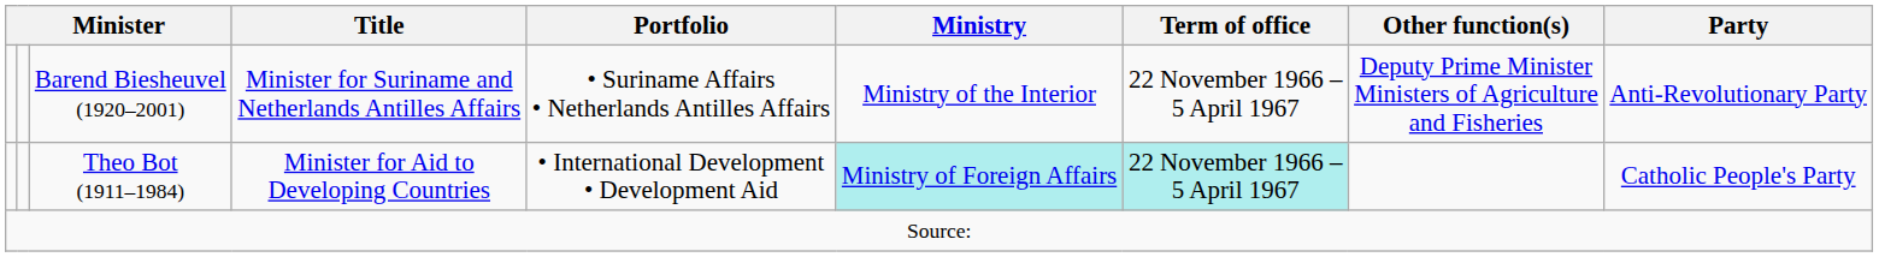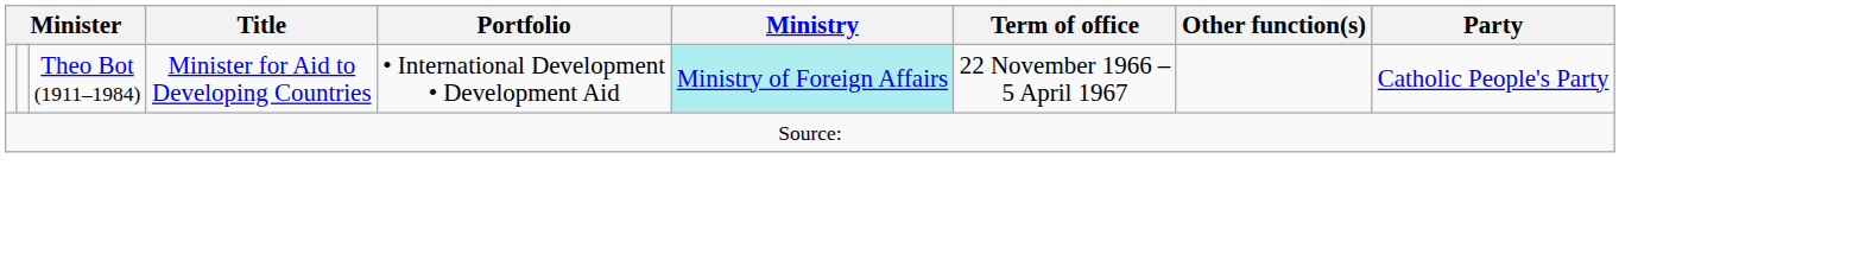 <table class="wikitable" style="text-align:center">
 <tr>
 <th colspan=3>Minister</th>
 <th>Title</th>
 <th>Portfolio</th>
 <th><a href='#'>Ministry</a></th>
 <th>Term of office</th>
 <th>Other function(s)</th>
 <th>Party</th>
 </tr>
 <tr>
 <td style="background:"></td>
 <td></td>
-<td><a href='#'>Barend Biesheuvel</a> <br> <small>(1920–2001)</small></td>
-<td><a href='#'>Minister for Suriname and <br> Netherlands Antilles Affairs</a></td>
-<td>• Suriname Affairs <br> • Netherlands Antilles Affairs</td>
-<td><a href='#'>Ministry of the Interior</a></td>
-<td>22 November 1966 – <br> 5 April 1967</td>
-<td><a href='#'>Deputy Prime Minister</a> <br> <a href='#'>Ministers of Agriculture <br> and Fisheries</a></td>
-<td><a href='#'>Anti-Revolutionary Party</a></td>
-</tr>
-<tr>
-<td style="background:"></td>
-<td></td>
 <td><a href='#'>Theo Bot</a> <br> <small>(1911–1984)</small></td>
 <td><a href='#'>Minister for Aid to <br> Developing Countries</a></td>
 <td>• International Development <br> • Development Aid</td>
 <td style="background: paleturquoise;"><a href='#'>Ministry of Foreign Affairs</a></td>
-<td style="background: paleturquoise;">22 November 1966 – <br> 5 April 1967</td>
+<td>22 November 1966 – <br> 5 April 1967</td>
 <td></td>
 <td><a href='#'>Catholic People's Party</a></td>
 </tr>
 <tr>
 <td colspan=9><small>Source:</small></td>
 </tr>
 </table>
